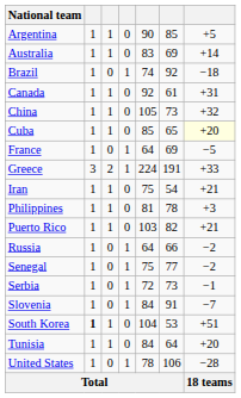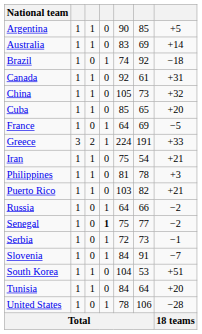 <table class="wikitable sortable" style="text-align: center;">
 <tr>
 <th>National team</th>
 <th width="15"></th>
 <th width="15"></th>
 <th width="15"></th>
 <th></th>
 <th></th>
 <th></th>
 </tr>
 <tr>
 <td align="left"> <a href='#'>Argentina</a></td>
 <td>1</td>
 <td>1</td>
 <td>0</td>
 <td>90</td>
 <td>85</td>
 <td>+5</td>
 </tr>
 <tr>
 <td align="left"> <a href='#'>Australia</a></td>
 <td>1</td>
 <td>1</td>
 <td>0</td>
 <td>83</td>
 <td>69</td>
 <td>+14</td>
 </tr>
 <tr>
 <td align="left"> <a href='#'>Brazil</a></td>
 <td>1</td>
 <td>0</td>
 <td>1</td>
 <td>74</td>
 <td>92</td>
 <td>−18</td>
 </tr>
 <tr>
 <td align="left"> <a href='#'>Canada</a></td>
 <td>1</td>
 <td>1</td>
 <td>0</td>
 <td>92</td>
 <td>61</td>
 <td>+31</td>
 </tr>
 <tr>
 <td align="left"> <a href='#'>China</a></td>
 <td>1</td>
 <td>1</td>
 <td>0</td>
 <td>105</td>
 <td>73</td>
 <td>+32</td>
 </tr>
 <tr>
 <td align="left"> <a href='#'>Cuba</a></td>
 <td>1</td>
 <td>1</td>
 <td>0</td>
 <td>85</td>
 <td>65</td>
-<td style="background: lightyellow;">+20</td>
+<td>+20</td>
 </tr>
 <tr>
 <td align="left"> <a href='#'>France</a></td>
 <td>1</td>
 <td>0</td>
 <td>1</td>
 <td>64</td>
 <td>69</td>
 <td>−5</td>
 </tr>
 <tr>
 <td align="left"> <a href='#'>Greece</a></td>
 <td>3</td>
 <td>2</td>
 <td>1</td>
 <td>224</td>
 <td>191</td>
 <td>+33</td>
 </tr>
 <tr>
 <td align="left"> <a href='#'>Iran</a></td>
 <td>1</td>
 <td>1</td>
 <td>0</td>
 <td>75</td>
 <td>54</td>
 <td>+21</td>
 </tr>
 <tr>
 <td align="left"> <a href='#'>Philippines</a></td>
 <td>1</td>
 <td>1</td>
 <td>0</td>
 <td>81</td>
 <td>78</td>
 <td>+3</td>
 </tr>
 <tr>
 <td align="left"> <a href='#'>Puerto Rico</a></td>
 <td>1</td>
 <td>1</td>
 <td>0</td>
 <td>103</td>
 <td>82</td>
 <td>+21</td>
 </tr>
 <tr>
 <td align="left"> <a href='#'>Russia</a></td>
 <td>1</td>
 <td>0</td>
 <td>1</td>
 <td>64</td>
 <td>66</td>
 <td>−2</td>
 </tr>
 <tr>
 <td align="left"> <a href='#'>Senegal</a></td>
 <td>1</td>
 <td>0</td>
-<td>1</td>
+<td><strong>1</strong></td>
 <td>75</td>
 <td>77</td>
 <td>−2</td>
 </tr>
 <tr>
 <td align="left"> <a href='#'>Serbia</a></td>
 <td>1</td>
 <td>0</td>
 <td>1</td>
 <td>72</td>
 <td>73</td>
 <td>−1</td>
 </tr>
 <tr>
 <td align="left"> <a href='#'>Slovenia</a></td>
 <td>1</td>
 <td>0</td>
 <td>1</td>
 <td>84</td>
 <td>91</td>
 <td>−7</td>
 </tr>
 <tr>
 <td align="left"> <a href='#'>South Korea</a></td>
-<td><strong>1</strong></td>
+<td>1</td>
 <td>1</td>
 <td>0</td>
 <td>104</td>
 <td>53</td>
 <td>+51</td>
 </tr>
 <tr>
 <td align="left"> <a href='#'>Tunisia</a></td>
 <td>1</td>
 <td>1</td>
 <td>0</td>
 <td>84</td>
 <td>64</td>
 <td>+20</td>
 </tr>
 <tr>
 <td align="left">  <a href='#'>United States</a></td>
 <td>1</td>
 <td>0</td>
 <td>1</td>
 <td>78</td>
 <td>106</td>
 <td>−28</td>
 </tr>
 <tr>
 <th colspan=6>Total</th>
 <th>18 teams</th>
 </tr>
 </table>
